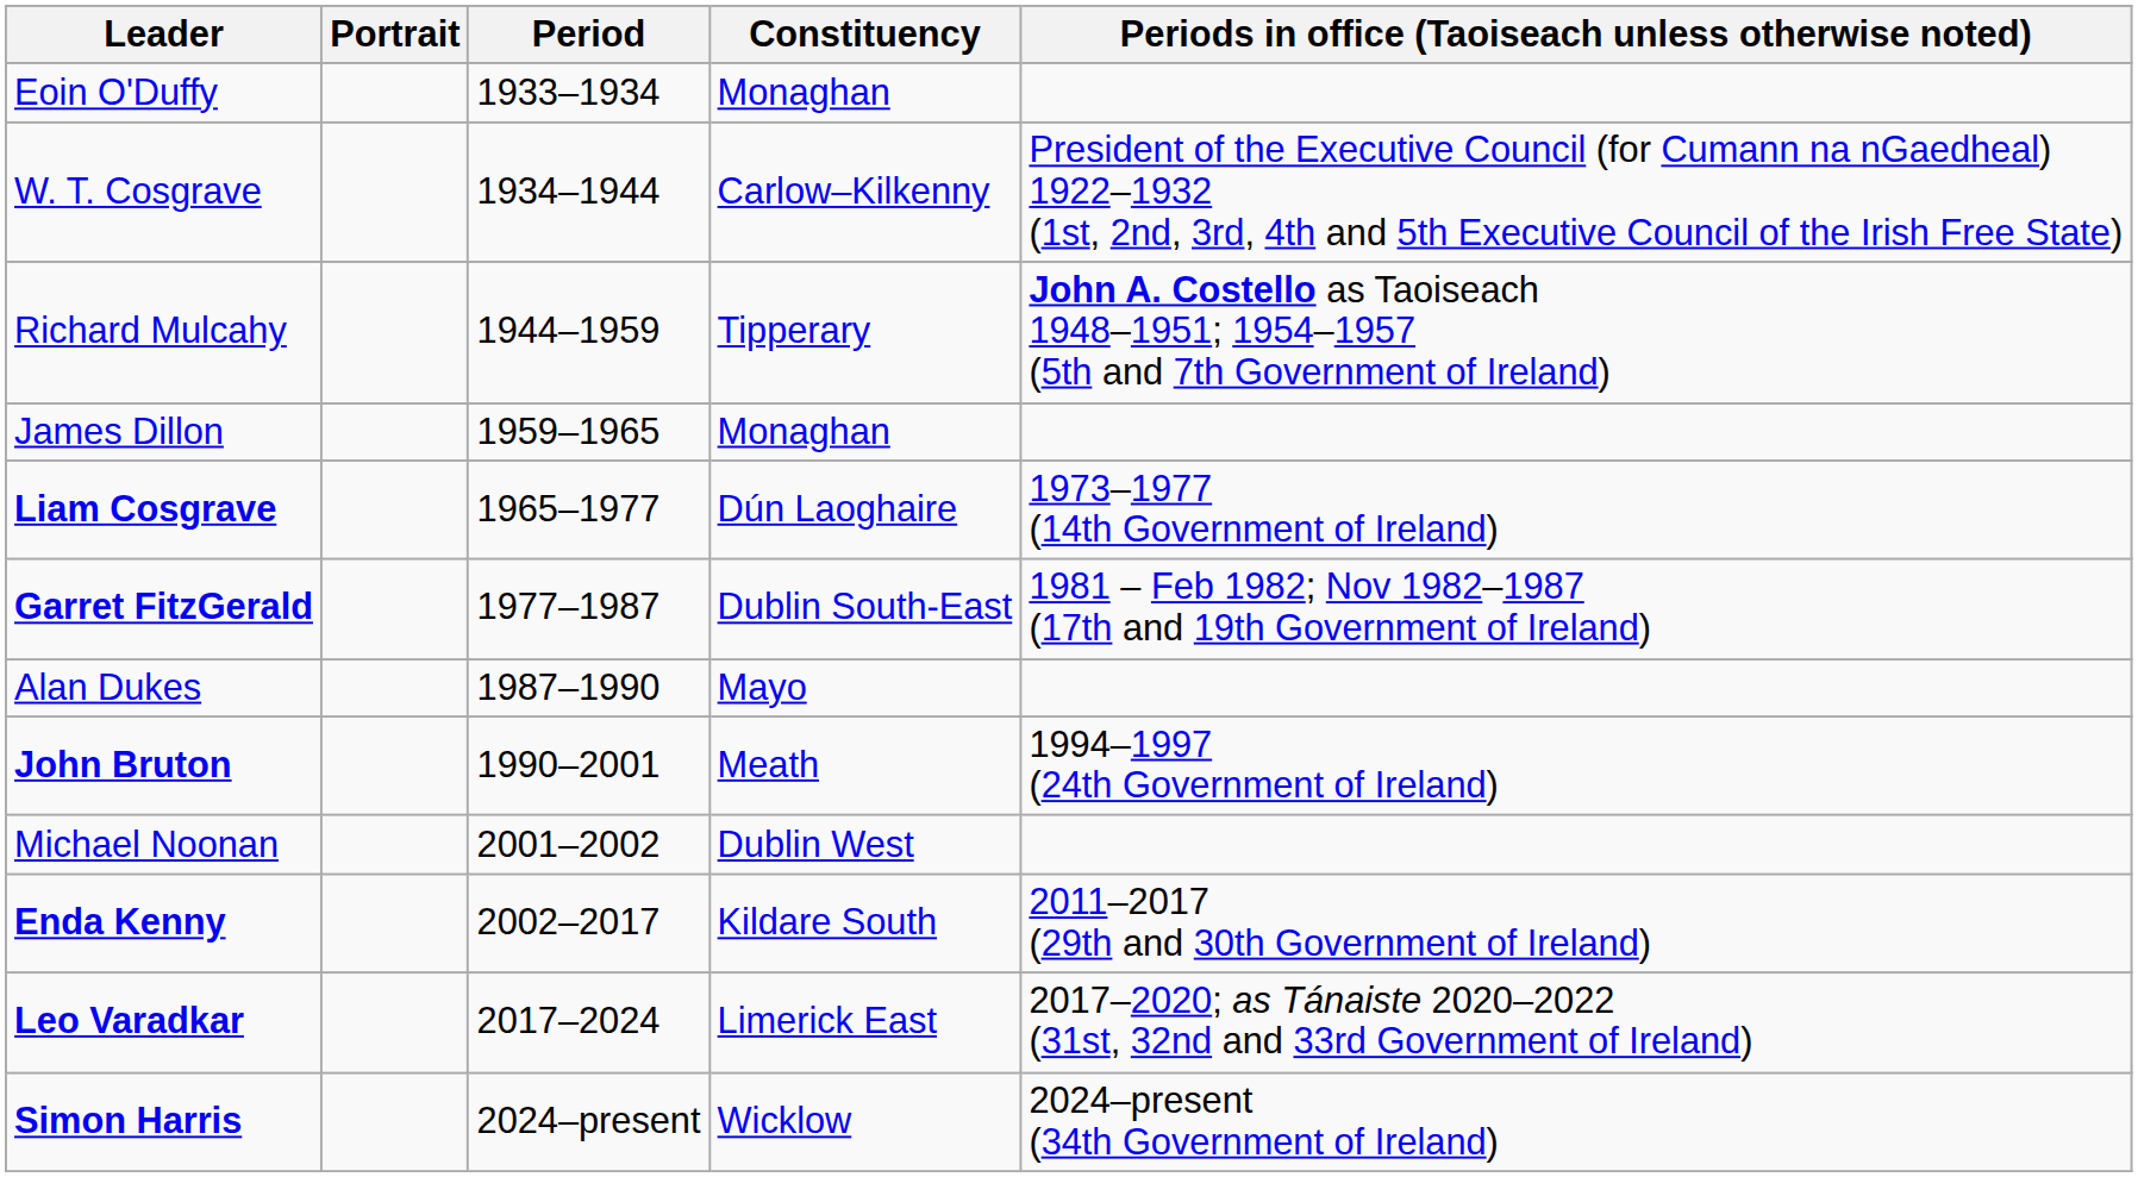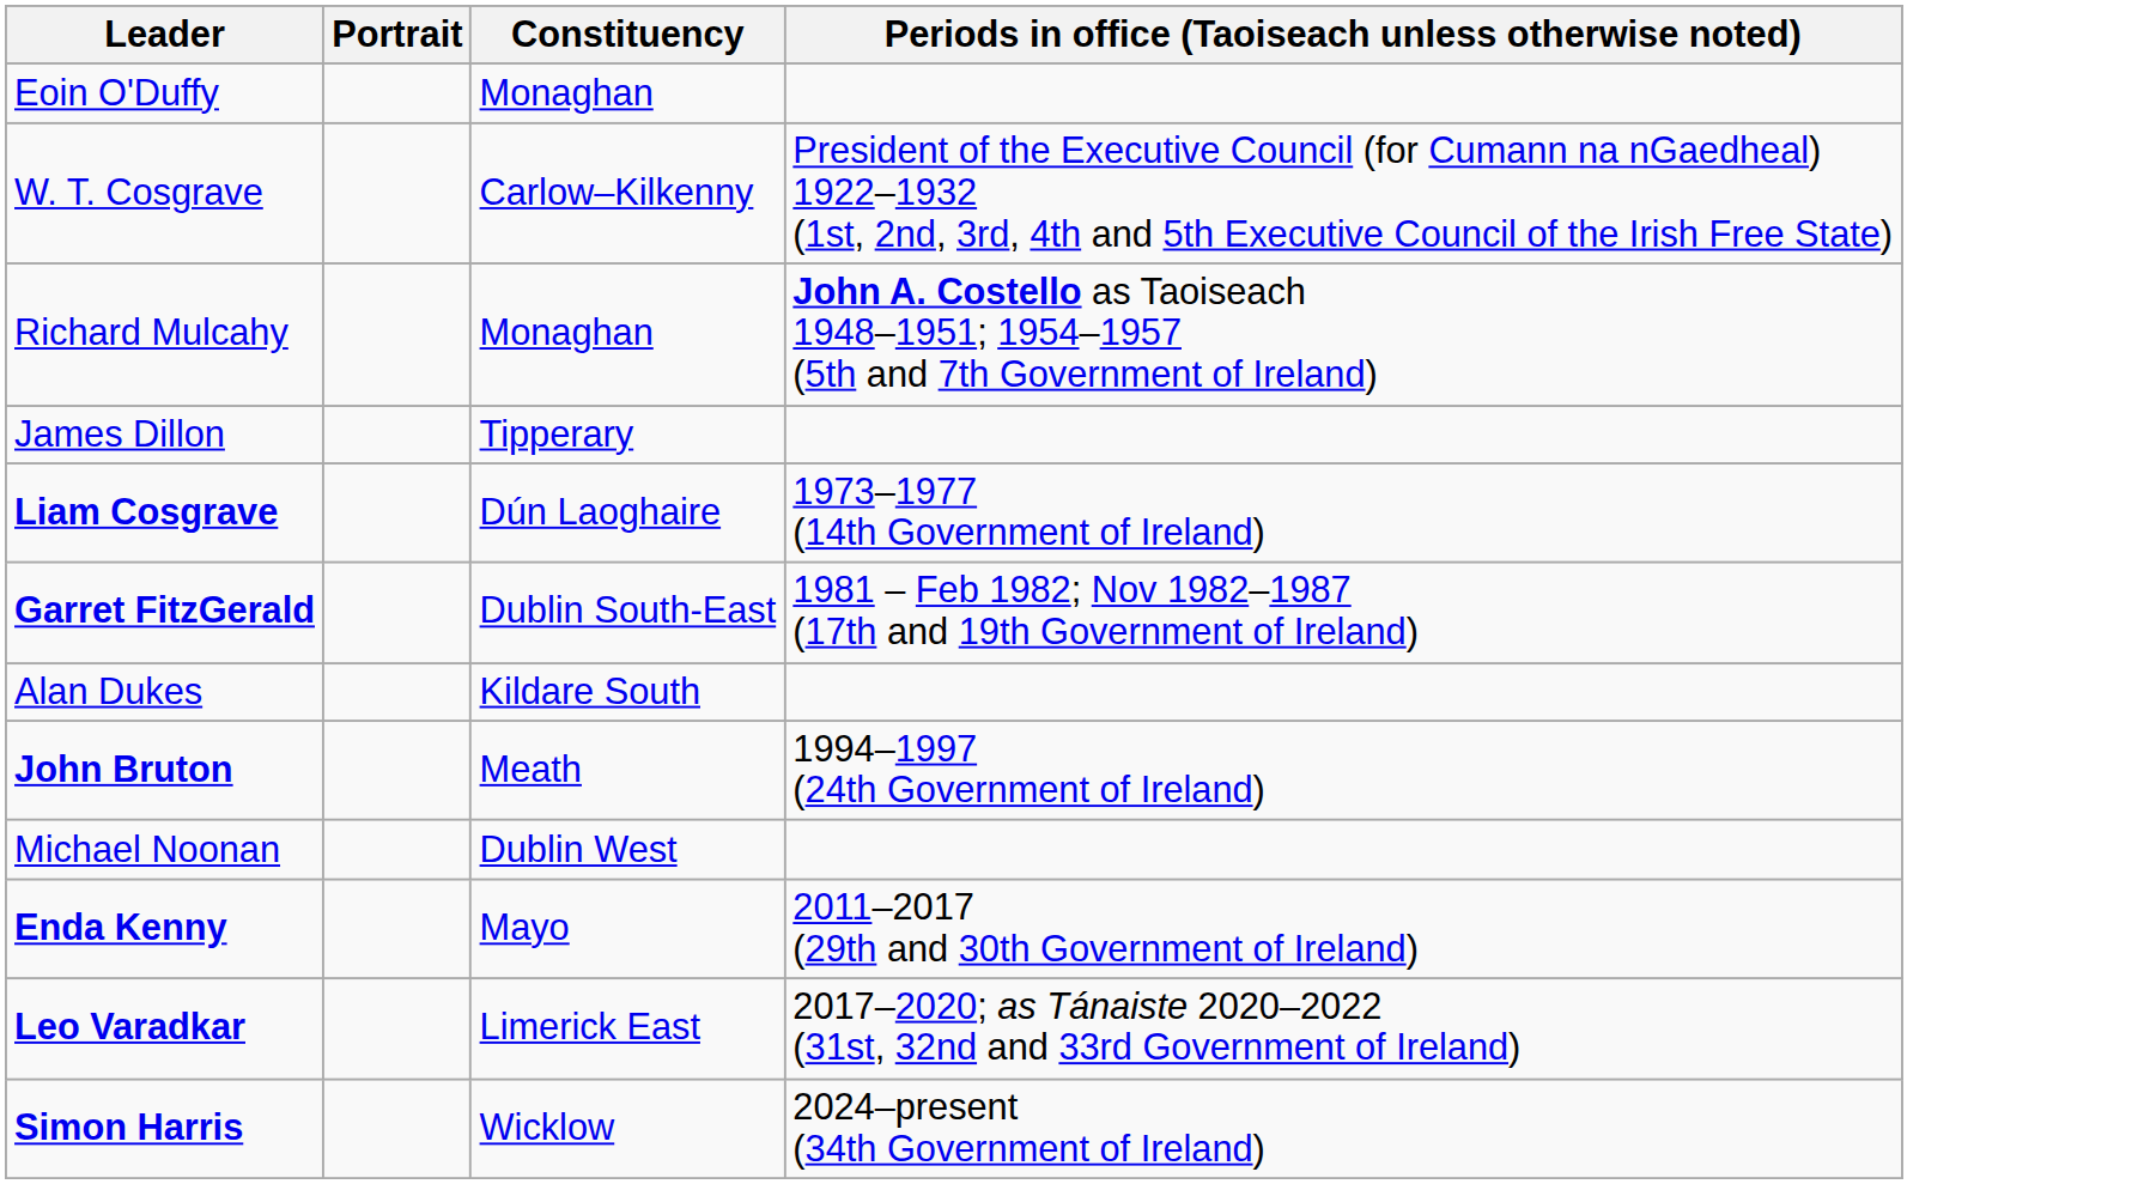 <table class=wikitable>
 <tr>
 <th>Leader</th>
 <th>Portrait</th>
-<th>Period</th>
 <th>Constituency</th>
 <th>Periods in office (Taoiseach unless otherwise noted)</th>
 </tr>
 <tr>
 <td><a href='#'>Eoin O'Duffy</a></td>
 <td></td>
-<td>1933–1934</td>
 <td><a href='#'>Monaghan</a></td>
 <td></td>
 </tr>
 <tr>
 <td><a href='#'>W. T. Cosgrave</a></td>
 <td></td>
-<td>1934–1944</td>
 <td><a href='#'>Carlow–Kilkenny</a></td>
 <td><a href='#'>President of the Executive Council</a> (for <a href='#'>Cumann na nGaedheal</a>)<br><a href='#'>1922</a>–<a href='#'>1932</a><br>(<a href='#'>1st</a>, <a href='#'>2nd</a>, <a href='#'>3rd</a>, <a href='#'>4th</a> and <a href='#'>5th Executive Council of the Irish Free State</a>)</td>
 </tr>
 <tr>
 <td><a href='#'>Richard Mulcahy</a></td>
 <td></td>
-<td>1944–1959</td>
-<td><a href='#'>Tipperary</a></td>
+<td><a href='#'>Monaghan</a></td>
 <td><strong><a href='#'>John A. Costello</a></strong> as Taoiseach<br><a href='#'>1948</a>–<a href='#'>1951</a>; <a href='#'>1954</a>–<a href='#'>1957</a><br>(<a href='#'>5th</a> and <a href='#'>7th Government of Ireland</a>)</td>
 </tr>
 <tr>
 <td><a href='#'>James Dillon</a></td>
 <td></td>
-<td>1959–1965</td>
-<td><a href='#'>Monaghan</a></td>
+<td><a href='#'>Tipperary</a></td>
 <td></td>
 </tr>
 <tr>
 <td><strong><a href='#'>Liam Cosgrave</a></strong></td>
 <td></td>
-<td>1965–1977</td>
 <td><a href='#'>Dún Laoghaire</a></td>
 <td><a href='#'>1973</a>–<a href='#'>1977</a><br>(<a href='#'>14th Government of Ireland</a>)</td>
 </tr>
 <tr>
 <td><strong><a href='#'>Garret FitzGerald</a></strong></td>
 <td></td>
-<td>1977–1987</td>
 <td><a href='#'>Dublin South-East</a></td>
 <td><a href='#'>1981</a> – <a href='#'>Feb 1982</a>; <a href='#'>Nov 1982</a>–<a href='#'>1987</a><br>(<a href='#'>17th</a> and <a href='#'>19th Government of Ireland</a>)</td>
 </tr>
 <tr>
 <td><a href='#'>Alan Dukes</a></td>
 <td></td>
-<td>1987–1990</td>
-<td><a href='#'>Mayo</a></td>
+<td><a href='#'>Kildare South</a></td>
 <td></td>
 </tr>
 <tr>
 <td><strong><a href='#'>John Bruton</a></strong></td>
 <td></td>
-<td>1990–2001</td>
 <td><a href='#'>Meath</a></td>
 <td>1994–<a href='#'>1997</a><br>(<a href='#'>24th Government of Ireland</a>)</td>
 </tr>
 <tr>
 <td><a href='#'>Michael Noonan</a></td>
 <td></td>
-<td>2001–2002</td>
 <td><a href='#'>Dublin West</a></td>
 <td></td>
 </tr>
 <tr>
 <td><strong><a href='#'>Enda Kenny</a></strong></td>
 <td></td>
-<td>2002–2017</td>
-<td><a href='#'>Kildare South</a></td>
+<td><a href='#'>Mayo</a></td>
 <td><a href='#'>2011</a>–2017<br>(<a href='#'>29th</a> and <a href='#'>30th Government of Ireland</a>)</td>
 </tr>
 <tr>
 <td><strong><a href='#'>Leo Varadkar</a></strong></td>
 <td></td>
-<td>2017–2024</td>
 <td><a href='#'>Limerick East</a></td>
 <td>2017–<a href='#'>2020</a>; <em>as Tánaiste</em> 2020–2022<br>(<a href='#'>31st</a>, <a href='#'>32nd</a> and <a href='#'>33rd Government of Ireland</a>)</td>
 </tr>
 <tr>
 <td><strong><a href='#'>Simon Harris</a></strong></td>
 <td></td>
-<td>2024–present</td>
 <td><a href='#'>Wicklow</a></td>
 <td>2024–present<br>(<a href='#'>34th Government of Ireland</a>)</td>
 </tr>
 </table>
